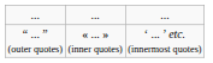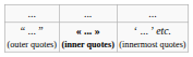 <table class="wikitable" style="line-height: 1.2">
 <tr align=center>
 <td>...</td>
 <td>...</td>
 <td>...</td>
 </tr>
 <tr align=center>
 <td>“ ... ” <br><small>(outer quotes)</small></td>
-<td>« ... » <br><small>(inner quotes)</small></td>
+<td><strong>« ... » <br><small>(inner quotes)</small></strong></td>
 <td>‘ ... ’ <em>etc.</em> <br><small>(innermost quotes)</small></td>
 </tr>
 </table>
